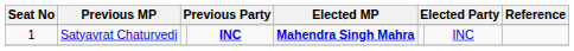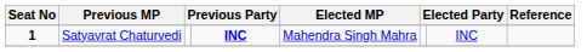 <table class="wikitable">
 <tr>
 <th>Seat No</th>
 <th>Previous MP</th>
 <th colspan=2>Previous Party</th>
 <th>Elected MP</th>
 <th colspan=2>Elected Party</th>
 <th>Reference</th>
 </tr>
 <tr>
 </tr>
 <tr style="text-align:center;">
-<td>1</td>
+<td><strong>1</strong></td>
 <td><a href='#'>Satyavrat Chaturvedi</a></td>
 <td width="1px"></td>
 <td><strong><a href='#'>INC</a></strong></td>
-<td><strong><a href='#'>Mahendra Singh Mahra</a></strong></td>
+<td><a href='#'>Mahendra Singh Mahra</a></td>
 <td width="1px"></td>
 <td><a href='#'>INC</a></td>
 <td rowspan=1></td>
 </tr>
 <tr>
 </tr>
 </table>
